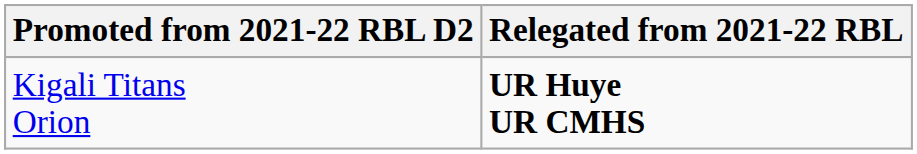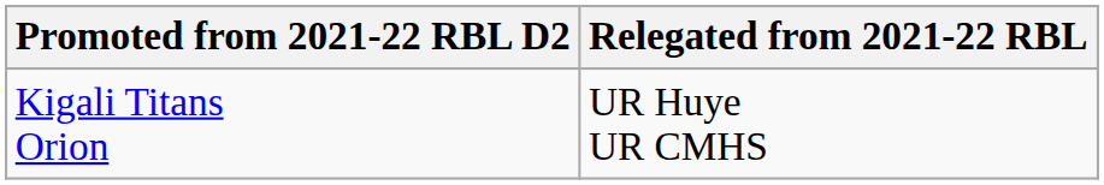 <table class="wikitable">
 <tr>
 <th> Promoted from 2021-22 RBL D2</th>
 <th> Relegated from 2021-22 RBL</th>
 </tr>
 <tr>
 <td><a href='#'>Kigali Titans</a><br><a href='#'>Orion</a></td>
-<td><strong>UR Huye<br>UR CMHS</strong></td>
+<td>UR Huye<br>UR CMHS</td>
 </tr>
 </table>
